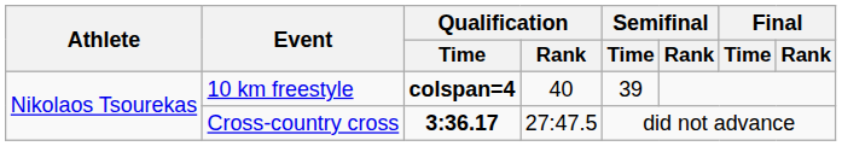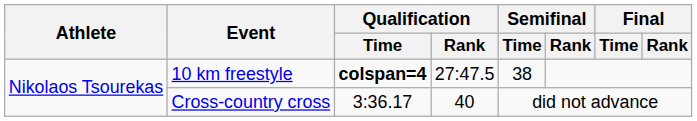 <table class="wikitable" style="font-size:90%">
 <tr>
 <th rowspan="2">Athlete</th>
 <th rowspan="2">Event</th>
 <th colspan="2">Qualification</th>
 <th colspan="2">Semifinal</th>
 <th colspan="2">Final</th>
 </tr>
 <tr style="font-size:95%">
 <th>Time</th>
 <th>Rank</th>
 <th>Time</th>
 <th>Rank</th>
 <th>Time</th>
 <th>Rank</th>
 </tr>
 <tr align=center>
 <td align=left rowspan=2><a href='#'>Nikolaos Tsourekas</a></td>
 <td align=left><a href='#'>10 km freestyle</a></td>
 <td><strong>colspan=4 </strong></td>
-<td>40</td>
-<td>39</td>
+<td>27:47.5</td>
+<td>38</td>
 </tr>
 <tr align=center>
 <td align=left><a href='#'>Cross-country cross</a></td>
-<td><strong>3:36.17</strong></td>
-<td>27:47.5</td>
+<td>3:36.17</td>
+<td>40</td>
 <td colspan=4>did not advance</td>
 </tr>
 </table>
